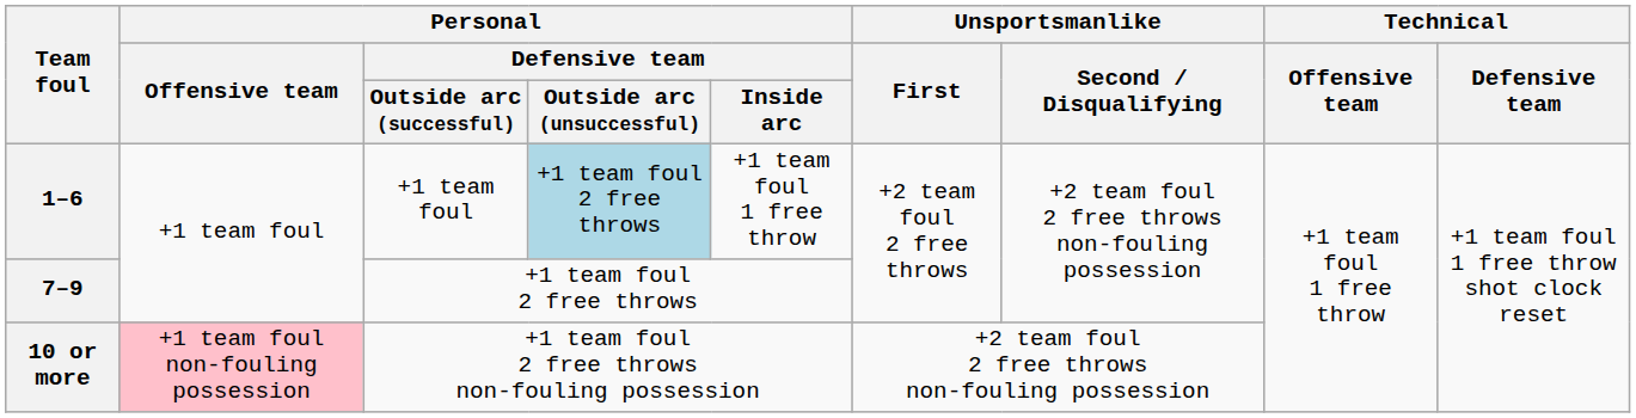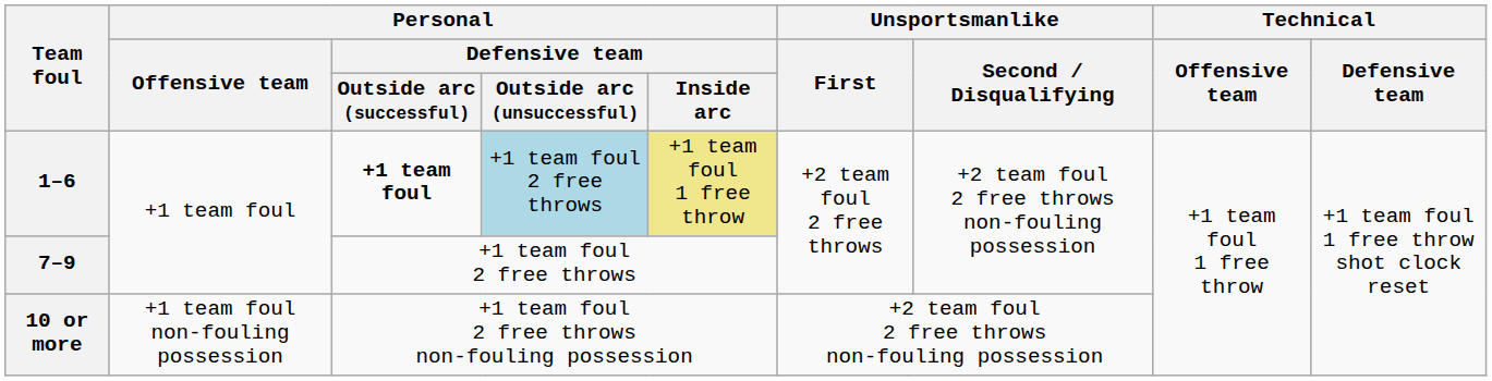 <table class="wikitable" style="font-size: 95%;" |>
 <tr>
 <th rowspan=3>Team foul</th>
 <th colspan=4>Personal</th>
 <th colspan=2>Unsportsmanlike</th>
 <th colspan=2>Technical</th>
 </tr>
 <tr>
 <th rowspan=2>Offensive team</th>
 <th colspan=3>Defensive team</th>
 <th rowspan=2>First</th>
 <th rowspan=2>Second /<br>Disqualifying</th>
 <th rowspan=2>Offensive team</th>
 <th rowspan=2>Defensive team</th>
 </tr>
 <tr>
 <th>Outside arc<br><small>(successful)</small></th>
 <th>Outside arc<br><small>(unsuccessful)</small></th>
 <th>Inside arc</th>
 </tr>
 <tr>
 <th align=center>1–6</th>
 <td rowspan=2; align=center>+1 team foul</td>
-<td align=center>+1 team foul</td>
+<td align=center><strong>+1 team foul</strong></td>
 <td align=center style="background: lightblue;">+1 team foul<br>2 free throws</td>
-<td align=center>+1 team foul<br>1 free throw</td>
+<td align=center style="background: khaki;">+1 team foul<br>1 free throw</td>
 <td rowspan=2; align=center>+2 team foul<br>2 free throws</td>
 <td rowspan=2; align=center>+2 team foul<br>2 free throws<br>non-fouling possession</td>
 <td rowspan=3; align=center>+1 team foul<br>1 free throw</td>
 <td rowspan=3; align=center>+1 team foul<br>1 free throw<br>shot clock reset</td>
 </tr>
 <tr>
 <th align=center>7–9</th>
 <td colspan=3; align=center>+1 team foul<br>2 free throws</td>
 </tr>
 <tr>
 <th align=center>10 or more</th>
-<td align=center style="background: pink;">+1 team foul<br>non-fouling possession</td>
+<td align=center>+1 team foul<br>non-fouling possession</td>
 <td colspan=3; align=center>+1 team foul<br>2 free throws<br>non-fouling possession</td>
 <td colspan=2; align=center>+2 team foul<br>2 free throws<br>non-fouling possession</td>
 </tr>
 </table>
